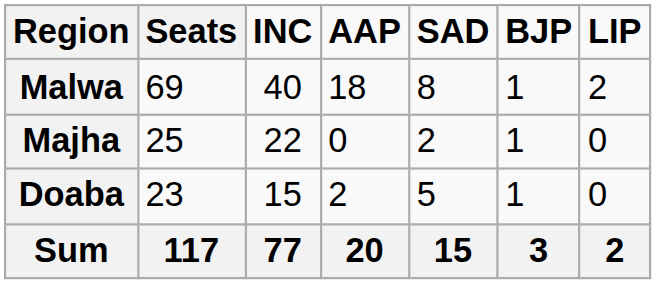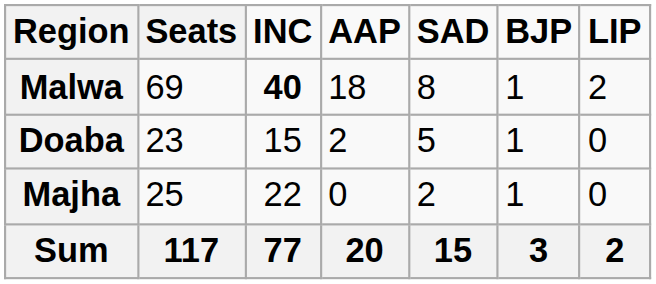 <table class="wikitable sortable">
 <tr>
 <th>Region</th>
 <th>Seats</th>
 <td style="text-align:center; background:"><strong>INC</strong></td>
 <td style="background: "><span><strong>AAP</strong></span></td>
 <td style="background:"><span><strong>SAD</strong></span></td>
 <td style="text-align:center; background:"><strong>BJP</strong></td>
 <td style="text-align:center; background:"><strong>LIP</strong></td>
 </tr>
 <tr>
 <th>Malwa</th>
 <td>69</td>
-<td style="text-align:center;background: ">40</td>
+<td style="text-align:center;background: "><strong>40</strong></td>
 <td>18</td>
 <td>8</td>
 <td>1</td>
 <td>2</td>
+</tr>
+<tr>
+<th>Doaba</th>
+<td>23</td>
+<td style="text-align:center;background: ">15</td>
+<td>2</td>
+<td>5</td>
+<td>1</td>
+<td>0</td>
 </tr>
 <tr>
 <th>Majha</th>
 <td>25</td>
 <td style="text-align:center;background: ">22</td>
 <td>0</td>
 <td>2</td>
-<td>1</td>
-<td>0</td>
-</tr>
-<tr>
-<th>Doaba</th>
-<td>23</td>
-<td style="text-align:center;background: ">15</td>
-<td>2</td>
-<td>5</td>
 <td>1</td>
 <td>0</td>
 </tr>
 <tr>
 <th>Sum</th>
 <th>117</th>
 <th style="background: ">77</th>
 <th>20</th>
 <th>15</th>
 <th>3</th>
 <th>2</th>
 </tr>
 </table>
